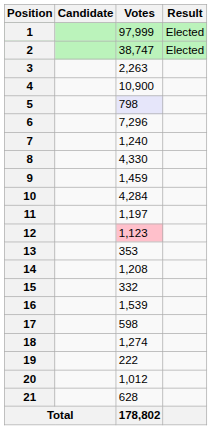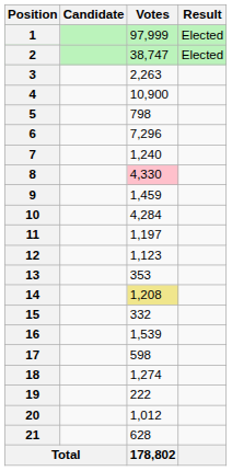 <table class="wikitable sortable col3right">
 <tr>
 <th scope="col">Position</th>
 <th scope="col">Candidate</th>
 <th scope="col">Votes</th>
 <th scope="col">Result</th>
 </tr>
 <tr bgcolor=bbf3bb>
 <th scope="row">1</th>
 <td></td>
 <td>97,999</td>
 <td>Elected</td>
 </tr>
 <tr bgcolor=bbf3bb>
 <th scope="row">2</th>
 <td></td>
 <td>38,747</td>
 <td>Elected</td>
 </tr>
 <tr>
 <th scope="row">3</th>
 <td></td>
 <td>2,263</td>
 <td></td>
 </tr>
 <tr>
 <th scope="row">4</th>
 <td></td>
 <td>10,900</td>
 <td></td>
 </tr>
 <tr>
 <th scope="row">5</th>
 <td></td>
-<td style="background: lavender;">798</td>
+<td>798</td>
 <td></td>
 </tr>
 <tr>
 <th scope="row">6</th>
 <td></td>
 <td>7,296</td>
 <td></td>
 </tr>
 <tr>
 <th scope="row">7</th>
 <td></td>
 <td>1,240</td>
 <td></td>
 </tr>
 <tr>
 <th scope="row">8</th>
 <td></td>
-<td>4,330</td>
+<td style="background: pink;">4,330</td>
 <td></td>
 </tr>
 <tr>
 <th scope="row">9</th>
 <td></td>
 <td>1,459</td>
 <td></td>
 </tr>
 <tr>
 <th scope="row">10</th>
 <td></td>
 <td>4,284</td>
 <td></td>
 </tr>
 <tr>
 <th scope="row">11</th>
 <td></td>
 <td>1,197</td>
 <td></td>
 </tr>
 <tr>
 <th scope="row">12</th>
 <td></td>
-<td style="background: pink;">1,123</td>
+<td>1,123</td>
 <td></td>
 </tr>
 <tr>
 <th scope="row">13</th>
 <td></td>
 <td>353</td>
 <td></td>
 </tr>
 <tr>
 <th scope="row">14</th>
 <td></td>
-<td>1,208</td>
+<td style="background: khaki;">1,208</td>
 <td></td>
 </tr>
 <tr>
 <th scope="row">15</th>
 <td></td>
 <td>332</td>
 <td></td>
 </tr>
 <tr>
 <th scope="row">16</th>
 <td></td>
 <td>1,539</td>
 <td></td>
 </tr>
 <tr>
 <th scope="row">17</th>
 <td></td>
 <td>598</td>
 <td></td>
 </tr>
 <tr>
 <th scope="row">18</th>
 <td></td>
 <td>1,274</td>
 <td></td>
 </tr>
 <tr>
 <th scope="row">19</th>
 <td></td>
 <td>222</td>
 <td></td>
 </tr>
 <tr>
 <th scope="row">20</th>
 <td></td>
 <td>1,012</td>
 <td></td>
 </tr>
 <tr>
 <th scope="row">21</th>
 <td></td>
 <td>628</td>
 <td></td>
 </tr>
 <tr class=sortbottom>
 <th scope="row" colspan="2">Total</th>
 <th style="text-align:right">178,802</th>
 <th colspan="2"></th>
 </tr>
 </table>
